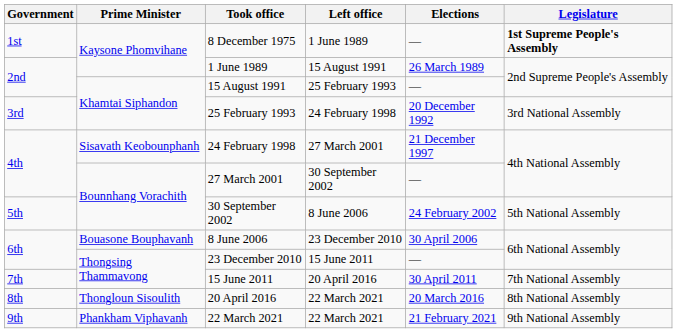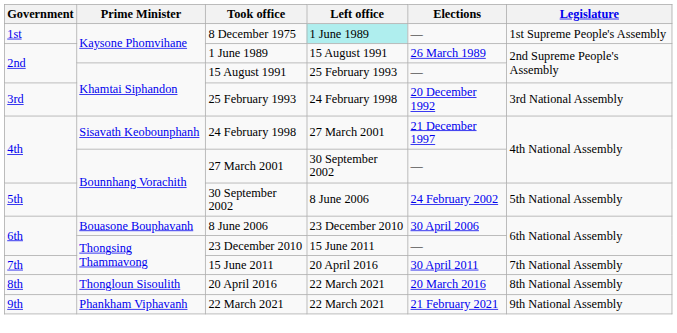 <table class="wikitable plainrowheaders">
 <tr>
 <th scope="col">Government</th>
 <th scope="col">Prime Minister</th>
 <th scope="col">Took office</th>
 <th scope="col">Left office</th>
 <th scope="col">Elections</th>
 <th scope="col"><a href='#'>Legislature</a></th>
 </tr>
 <tr>
 <td><a href='#'>1st</a></td>
 <td rowspan="2"><a href='#'>Kaysone Phomvihane</a></td>
 <td>8 December 1975</td>
-<td>1 June 1989</td>
+<td style="background: paleturquoise;">1 June 1989</td>
 <td>—</td>
-<td><strong>1st Supreme People's Assembly</strong></td>
+<td>1st Supreme People's Assembly</td>
 </tr>
 <tr>
 <td rowspan="2"><a href='#'>2nd</a></td>
 <td>1 June 1989</td>
 <td>15 August 1991</td>
 <td><a href='#'>26 March 1989</a></td>
 <td rowspan="2">2nd Supreme People's Assembly</td>
 </tr>
 <tr>
 <td rowspan="2"><a href='#'>Khamtai Siphandon</a></td>
 <td>15 August 1991</td>
 <td>25 February 1993</td>
 <td>—</td>
 </tr>
 <tr>
 <td><a href='#'>3rd</a></td>
 <td>25 February 1993</td>
 <td>24 February 1998</td>
 <td><a href='#'>20 December 1992</a></td>
 <td>3rd National Assembly</td>
 </tr>
 <tr>
 <td rowspan="2"><a href='#'>4th</a></td>
 <td><a href='#'>Sisavath Keobounphanh</a></td>
 <td>24 February 1998</td>
 <td>27 March 2001</td>
 <td><a href='#'>21 December 1997</a></td>
 <td rowspan="2">4th National Assembly</td>
 </tr>
 <tr>
 <td rowspan="2"><a href='#'>Bounnhang Vorachith</a></td>
 <td>27 March 2001</td>
 <td>30 September 2002</td>
 <td>—</td>
 </tr>
 <tr>
 <td><a href='#'>5th</a></td>
 <td>30 September 2002</td>
 <td>8 June 2006</td>
 <td><a href='#'>24 February 2002</a></td>
 <td>5th National Assembly</td>
 </tr>
 <tr>
 <td rowspan="2"><a href='#'>6th</a></td>
 <td><a href='#'>Bouasone Bouphavanh</a></td>
 <td>8 June 2006</td>
 <td>23 December 2010</td>
 <td><a href='#'>30 April 2006</a></td>
 <td rowspan="2">6th National Assembly</td>
 </tr>
 <tr>
 <td rowspan="2"><a href='#'>Thongsing Thammavong</a></td>
 <td>23 December 2010</td>
 <td>15 June 2011</td>
 <td>—</td>
 </tr>
 <tr>
 <td><a href='#'>7th</a></td>
 <td>15 June 2011</td>
 <td>20 April 2016</td>
 <td><a href='#'>30 April 2011</a></td>
 <td>7th National Assembly</td>
 </tr>
 <tr>
 <td><a href='#'>8th</a></td>
 <td><a href='#'>Thongloun Sisoulith</a></td>
 <td>20 April 2016</td>
 <td>22 March 2021</td>
 <td><a href='#'>20 March 2016</a></td>
 <td>8th National Assembly</td>
 </tr>
 <tr>
 <td><a href='#'>9th</a></td>
 <td><a href='#'>Phankham Viphavanh</a></td>
 <td>22 March 2021</td>
 <td>22 March 2021</td>
 <td><a href='#'>21 February 2021</a></td>
 <td>9th National Assembly</td>
 </tr>
 </table>
